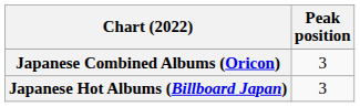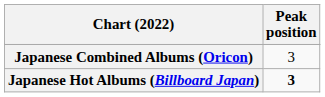 <table class="wikitable sortable plainrowheaders" style="text-align:center">
 <tr>
 <th scope="col">Chart (2022)</th>
 <th scope="col">Peak<br>position</th>
 </tr>
 <tr>
 </tr>
 <tr>
 <th scope="row">Japanese Combined Albums (<a href='#'>Oricon</a>)</th>
 <td>3</td>
 </tr>
 <tr>
 <th scope="row">Japanese Hot Albums (<em><a href='#'>Billboard Japan</a></em>)</th>
-<td>3</td>
+<td><strong>3</strong></td>
 </tr>
 </table>
